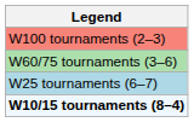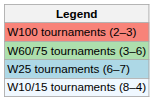 <table class="wikitable" style=font-size:85%;>
 <tr>
 <th>Legend</th>
 </tr>
 <tr style="background:#f88379;">
 <td>W100 tournaments (2–3)</td>
 </tr>
 <tr style="background:#addfad;">
 <td>W60/75 tournaments (3–6)</td>
 </tr>
 <tr style="background:lightblue;">
 <td>W25 tournaments (6–7)</td>
 </tr>
 <tr style="background:#f0f8ff;">
-<td><strong>W10/15 tournaments (8–4)</strong></td>
+<td>W10/15 tournaments (8–4)</td>
 </tr>
 </table>
